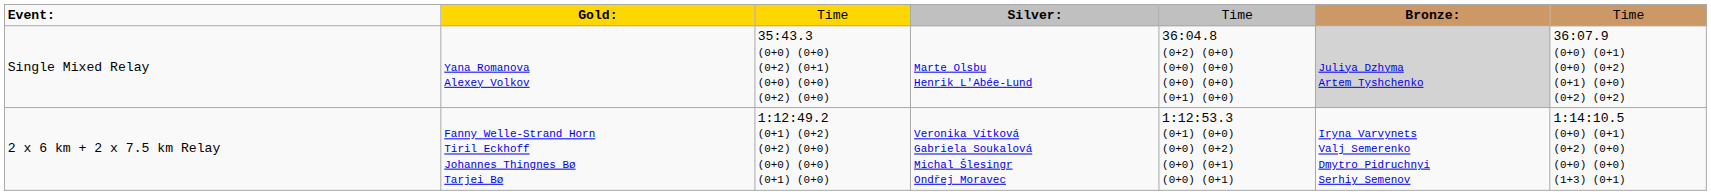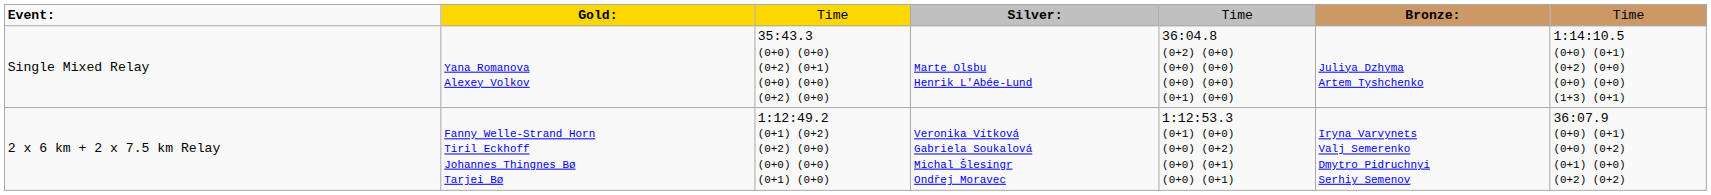 <table class="wikitable" width=85%>
 <tr>
 <td><strong>Event:</strong></td>
 <td style="text-align:center;background-color:gold;"><strong>Gold:</strong></td>
 <td style="text-align:center;background-color:gold;">Time</td>
 <td style="text-align:center;background-color:silver;"><strong>Silver:</strong></td>
 <td style="text-align:center;background-color:silver;">Time</td>
 <td style="text-align:center;background-color:#CC9966;"><strong>Bronze:</strong></td>
 <td style="text-align:center;background-color:#CC9966;">Time</td>
 </tr>
 <tr>
 <td>Single Mixed Relay<br></td>
 <td><strong></strong><br><small><a href='#'>Yana Romanova</a><br><a href='#'>Alexey Volkov</a></small></td>
 <td>35:43.3<br><small> (0+0) (0+0) <br> (0+2) (0+1)<br> (0+0) (0+0)<br> (0+2) (0+0)</small></td>
 <td><br><small><a href='#'>Marte Olsbu</a><br><a href='#'>Henrik L'Abée-Lund</a></small></td>
 <td>36:04.8<br><small> (0+2) (0+0) <br> (0+0) (0+0)<br> (0+0) (0+0)<br> (0+1) (0+0)</small></td>
-<td style="background: lightgrey;"><br><small><a href='#'>Juliya Dzhyma</a><br><a href='#'>Artem Tyshchenko</a></small></td>
-<td>36:07.9<br><small> (0+0) (0+1) <br> (0+0) (0+2)<br> (0+1) (0+0)<br> (0+2) (0+2)</small></td>
+<td><br><small><a href='#'>Juliya Dzhyma</a><br><a href='#'>Artem Tyshchenko</a></small></td>
+<td>1:14:10.5	<br><small> (0+0) (0+1) <br> (0+2) (0+0)<br> (0+0) (0+0)<br> (1+3) (0+1)</small></td>
 </tr>
 <tr>
 <td>2 x 6 km + 2 x 7.5 km Relay<br></td>
 <td><strong></strong><br><small><a href='#'>Fanny Welle-Strand Horn</a><br><a href='#'>Tiril Eckhoff</a><br><a href='#'>Johannes Thingnes Bø</a><br><a href='#'>Tarjei Bø</a></small></td>
 <td>1:12:49.2<br><small> (0+1) (0+2) <br> (0+2) (0+0)<br> (0+0) (0+0)<br> (0+1) (0+0)</small></td>
 <td><br><small><a href='#'>Veronika Vítková</a><br><a href='#'>Gabriela Soukalová</a><br><a href='#'>Michal Šlesingr</a><br><a href='#'>Ondřej Moravec</a></small></td>
 <td>1:12:53.3<br><small> (0+1) (0+0) <br> (0+0) (0+2)<br> (0+0) (0+1)<br> (0+0) (0+1)</small></td>
 <td><br><small><a href='#'>Iryna Varvynets</a><br><a href='#'>Valj Semerenko</a><br><a href='#'>Dmytro Pidruchnyi</a><br><a href='#'>Serhiy Semenov</a></small></td>
-<td>1:14:10.5	<br><small> (0+0) (0+1) <br> (0+2) (0+0)<br> (0+0) (0+0)<br> (1+3) (0+1)</small></td>
+<td>36:07.9<br><small> (0+0) (0+1) <br> (0+0) (0+2)<br> (0+1) (0+0)<br> (0+2) (0+2)</small></td>
 </tr>
 </table>
